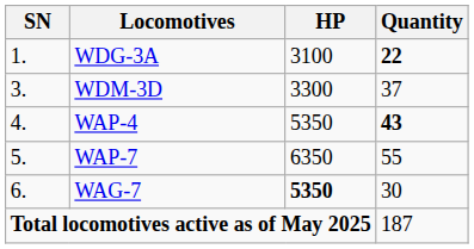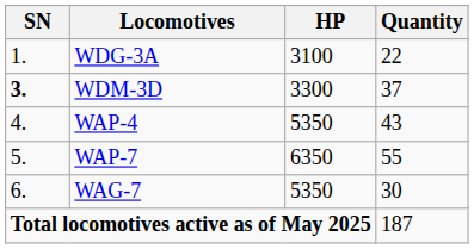 <table class="wikitable">
 <tr>
 <th>SN</th>
 <th>Locomotives</th>
 <th>HP</th>
 <th>Quantity</th>
 </tr>
 <tr>
 <td>1.</td>
 <td><a href='#'>WDG-3A</a></td>
 <td>3100</td>
-<td><strong>22</strong></td>
+<td>22</td>
 </tr>
 <tr>
-<td>3.</td>
+<td><strong>3.</strong></td>
 <td><a href='#'>WDM-3D</a></td>
 <td>3300</td>
 <td>37</td>
 </tr>
 <tr>
 <td>4.</td>
 <td><a href='#'>WAP-4</a></td>
 <td>5350</td>
-<td><strong>43</strong></td>
+<td>43</td>
 </tr>
 <tr>
 <td>5.</td>
 <td><a href='#'>WAP-7</a></td>
 <td>6350</td>
 <td>55</td>
 </tr>
 <tr>
 <td>6.</td>
 <td><a href='#'>WAG-7</a></td>
-<td><strong>5350</strong></td>
+<td>5350</td>
 <td>30</td>
 </tr>
 <tr>
 <td colspan="3"><strong>Total locomotives active as of May 2025</strong> </td>
 <td>187</td>
 </tr>
 </table>
